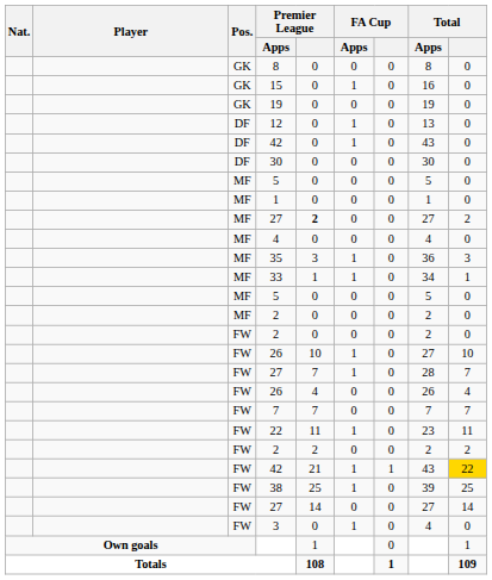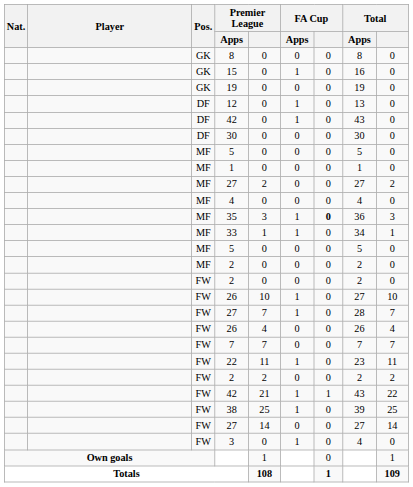 <table class="wikitable sortable alternance"  style="font-size:80%; text-align:center; line-height:14px; width:40%;">
 <tr>
 <th rowspan="2" style="width:10px;">Nat.</th>
 <th rowspan="2" scope="col" style="width:275px;">Player</th>
 <th rowspan="2" style="width:10px;">Pos.</th>
 <th colspan="2">Premier League</th>
 <th colspan="2">FA Cup</th>
 <th colspan="2">Total</th>
 </tr>
 <tr style="text-align:center;">
 <th width=40>Apps</th>
 <th width=40></th>
 <th width=40>Apps</th>
 <th width=40></th>
 <th width=40>Apps</th>
 <th width=40></th>
 </tr>
 <tr>
 <td></td>
 <td></td>
 <td>GK</td>
 <td>8</td>
 <td>0</td>
 <td>0</td>
 <td>0</td>
 <td>8</td>
 <td>0</td>
 </tr>
 <tr>
 <td></td>
 <td></td>
 <td>GK</td>
 <td>15</td>
 <td>0</td>
 <td>1</td>
 <td>0</td>
 <td>16</td>
 <td>0</td>
 </tr>
 <tr>
 <td></td>
 <td></td>
 <td>GK</td>
 <td>19</td>
 <td>0</td>
 <td>0</td>
 <td>0</td>
 <td>19</td>
 <td>0</td>
 </tr>
 <tr>
 <td></td>
 <td></td>
 <td>DF</td>
 <td>12</td>
 <td>0</td>
 <td>1</td>
 <td>0</td>
 <td>13</td>
 <td>0</td>
 </tr>
 <tr>
 <td></td>
 <td></td>
 <td>DF</td>
 <td>42</td>
 <td>0</td>
 <td>1</td>
 <td>0</td>
 <td>43</td>
 <td>0</td>
 </tr>
 <tr>
 <td></td>
 <td></td>
 <td>DF</td>
 <td>30</td>
 <td>0</td>
 <td>0</td>
 <td>0</td>
 <td>30</td>
 <td>0</td>
 </tr>
 <tr>
 <td></td>
 <td></td>
 <td>MF</td>
 <td>5</td>
 <td>0</td>
 <td>0</td>
 <td>0</td>
 <td>5</td>
 <td>0</td>
 </tr>
 <tr>
 <td></td>
 <td></td>
 <td>MF</td>
 <td>1</td>
 <td>0</td>
 <td>0</td>
 <td>0</td>
 <td>1</td>
 <td>0</td>
 </tr>
 <tr>
 <td></td>
 <td></td>
 <td>MF</td>
 <td>27</td>
-<td><strong>2</strong></td>
+<td>2</td>
 <td>0</td>
 <td>0</td>
 <td>27</td>
 <td>2</td>
 </tr>
 <tr>
 <td></td>
 <td></td>
 <td>MF</td>
 <td>4</td>
 <td>0</td>
 <td>0</td>
 <td>0</td>
 <td>4</td>
 <td>0</td>
 </tr>
 <tr>
 <td></td>
 <td></td>
 <td>MF</td>
 <td>35</td>
 <td>3</td>
 <td>1</td>
-<td>0</td>
+<td><strong>0</strong></td>
 <td>36</td>
 <td>3</td>
 </tr>
 <tr>
 <td></td>
 <td></td>
 <td>MF</td>
 <td>33</td>
 <td>1</td>
 <td>1</td>
 <td>0</td>
 <td>34</td>
 <td>1</td>
 </tr>
 <tr>
 <td></td>
 <td></td>
 <td>MF</td>
 <td>5</td>
 <td>0</td>
 <td>0</td>
 <td>0</td>
 <td>5</td>
 <td>0</td>
 </tr>
 <tr>
 <td></td>
 <td></td>
 <td>MF</td>
 <td>2</td>
 <td>0</td>
 <td>0</td>
 <td>0</td>
 <td>2</td>
 <td>0</td>
 </tr>
 <tr>
 <td></td>
 <td></td>
 <td>FW</td>
 <td>2</td>
 <td>0</td>
 <td>0</td>
 <td>0</td>
 <td>2</td>
 <td>0</td>
 </tr>
 <tr>
 <td></td>
 <td></td>
 <td>FW</td>
 <td>26</td>
 <td>10</td>
 <td>1</td>
 <td>0</td>
 <td>27</td>
 <td>10</td>
 </tr>
 <tr>
 <td></td>
 <td></td>
 <td>FW</td>
 <td>27</td>
 <td>7</td>
 <td>1</td>
 <td>0</td>
 <td>28</td>
 <td>7</td>
 </tr>
 <tr>
 <td></td>
 <td></td>
 <td>FW</td>
 <td>26</td>
 <td>4</td>
 <td>0</td>
 <td>0</td>
 <td>26</td>
 <td>4</td>
 </tr>
 <tr>
 <td></td>
 <td></td>
 <td>FW</td>
 <td>7</td>
 <td>7</td>
 <td>0</td>
 <td>0</td>
 <td>7</td>
 <td>7</td>
 </tr>
 <tr>
 <td></td>
 <td></td>
 <td>FW</td>
 <td>22</td>
 <td>11</td>
 <td>1</td>
 <td>0</td>
 <td>23</td>
 <td>11</td>
 </tr>
 <tr>
 <td></td>
 <td></td>
 <td>FW</td>
 <td>2</td>
 <td>2</td>
 <td>0</td>
 <td>0</td>
 <td>2</td>
 <td>2</td>
 </tr>
 <tr>
 <td></td>
 <td></td>
 <td>FW</td>
 <td>42</td>
 <td>21</td>
 <td>1</td>
 <td>1</td>
 <td>43</td>
-<td style="background: gold;">22</td>
+<td>22</td>
 </tr>
 <tr>
 <td></td>
 <td></td>
 <td>FW</td>
 <td>38</td>
 <td>25</td>
 <td>1</td>
 <td>0</td>
 <td>39</td>
 <td>25</td>
 </tr>
 <tr>
 <td></td>
 <td></td>
 <td>FW</td>
 <td>27</td>
 <td>14</td>
 <td>0</td>
 <td>0</td>
 <td>27</td>
 <td>14</td>
 </tr>
 <tr>
 <td></td>
 <td></td>
 <td>FW</td>
 <td>3</td>
 <td>0</td>
 <td>1</td>
 <td>0</td>
 <td>4</td>
 <td>0</td>
 </tr>
 <tr class="sortbottom">
 <td colspan="3"><strong>Own goals</strong></td>
 <td ! style="background:white; text-align: center;"></td>
 <td>1</td>
 <td ! style="background:white; text-align: center;"></td>
 <td>0</td>
 <td ! style="background:white; text-align: center;"></td>
 <td>1</td>
 </tr>
 <tr class="sortbottom">
 <td colspan="4"  style="background:white; text-align: center;"><strong>Totals</strong></td>
 <td><strong>108</strong></td>
 <td ! rowspan="2" style="background:white; text-align: center;"></td>
 <td><strong>1</strong></td>
 <td ! rowspan="2" style="background:white; text-align: center;"></td>
 <td><strong>109</strong></td>
 </tr>
 </table>
